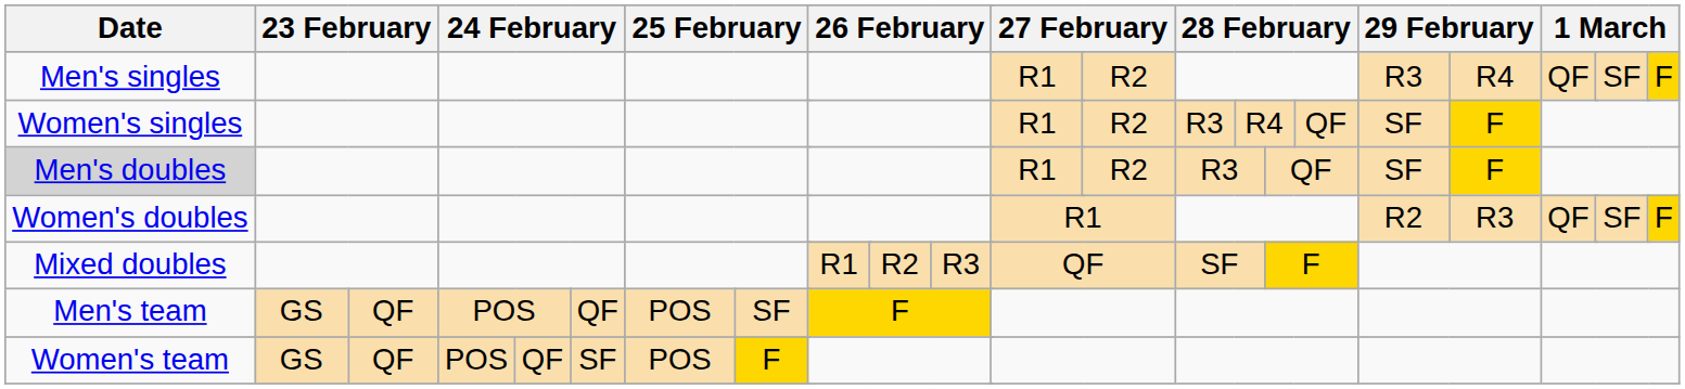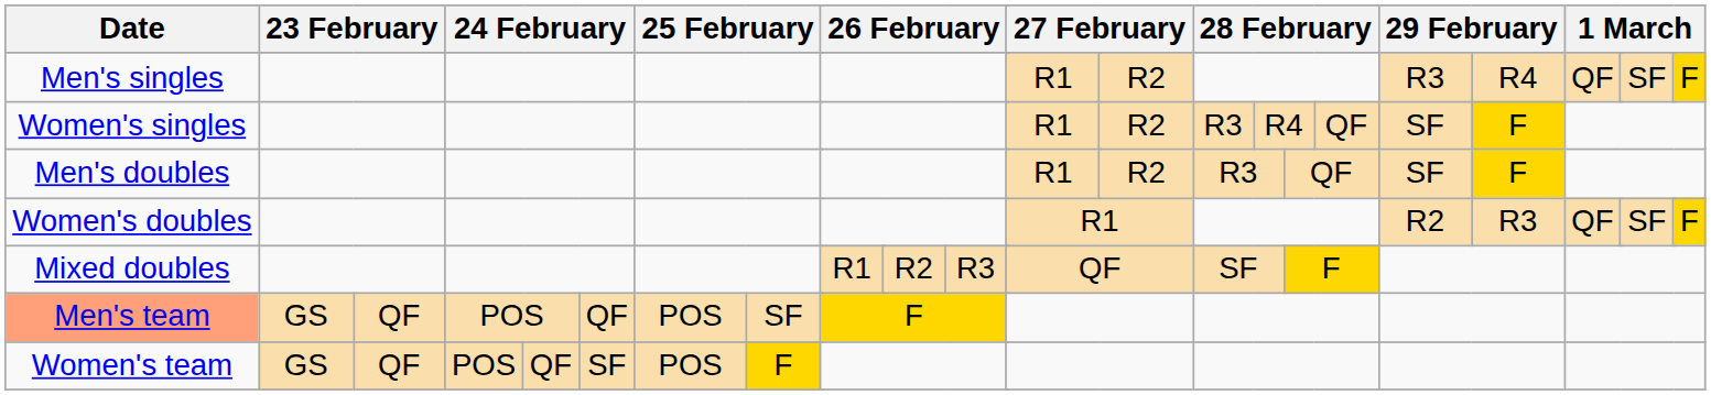 <table class="wikitable" style="text-align: center;">
 <tr valign="bottom">
 <th>Date</th>
 <th colspan="3">23 February</th>
 <th colspan="3">24 February</th>
 <th colspan="6">25 February</th>
 <th colspan="6">26 February</th>
 <th colspan="6">27 February</th>
 <th colspan="6">28 February</th>
 <th colspan="6">29 February</th>
 <th colspan="6">1 March</th>
 </tr>
 <tr>
 <td><a href='#'>Men's singles</a></td>
 <td colspan="3"></td>
 <td colspan="3"></td>
 <td colspan="6"></td>
 <td colspan="6"></td>
 <td colspan="3" style="background: #FADFAD">R1</td>
 <td colspan="3" style="background: #FADFAD">R2</td>
 <td colspan="6"></td>
 <td colspan="3" style="background: #FADFAD">R3</td>
 <td colspan="3" style="background: #FADFAD">R4</td>
 <td colspan="2" style="background: #FADFAD">QF</td>
 <td colspan="2" style="background: #FADFAD">SF</td>
 <td colspan="2" style="background: #FFD700">F</td>
 </tr>
 <tr>
 <td><a href='#'>Women's singles</a></td>
 <td colspan="3"></td>
 <td colspan="3"></td>
 <td colspan="6"></td>
 <td colspan="6"></td>
 <td colspan="3" style="background: #FADFAD">R1</td>
 <td colspan="3" style="background: #FADFAD">R2</td>
 <td colspan="2" style="background: #FADFAD">R3</td>
 <td colspan="2" style="background: #FADFAD">R4</td>
 <td colspan="2" style="background: #FADFAD">QF</td>
 <td colspan="3" style="background: #FADFAD">SF</td>
 <td colspan="3" style="background: #FFD700">F</td>
 <td colspan="6"></td>
 </tr>
 <tr>
-<td style="background: lightgrey;"><a href='#'>Men's doubles</a></td>
+<td><a href='#'>Men's doubles</a></td>
 <td colspan="3"></td>
 <td colspan="3"></td>
 <td colspan="6"></td>
 <td colspan="6"></td>
 <td colspan="3" style="background: #FADFAD">R1</td>
 <td colspan="3" style="background: #FADFAD">R2</td>
 <td colspan="3" style="background: #FADFAD">R3</td>
 <td colspan="3" style="background: #FADFAD">QF</td>
 <td colspan="3" style="background: #FADFAD">SF</td>
 <td colspan="3" style="background: #FFD700">F</td>
 <td colspan="6"></td>
 </tr>
 <tr>
 <td><a href='#'>Women's doubles</a></td>
 <td colspan="3"></td>
 <td colspan="3"></td>
 <td colspan="6"></td>
 <td colspan="6"></td>
 <td colspan="6" style="background: #FADFAD">R1</td>
 <td colspan="6"></td>
 <td colspan="3" style="background: #FADFAD">R2</td>
 <td colspan="3" style="background: #FADFAD">R3</td>
 <td colspan="2" style="background: #FADFAD">QF</td>
 <td colspan="2" style="background: #FADFAD">SF</td>
 <td colspan="2" style="background: #FFD700">F</td>
 </tr>
 <tr>
 <td><a href='#'>Mixed doubles</a></td>
 <td colspan="3"></td>
 <td colspan="3"></td>
 <td colspan="6"></td>
 <td colspan="2" style="background: #FADFAD">R1</td>
 <td colspan="2" style="background: #FADFAD">R2</td>
 <td colspan="2" style="background: #FADFAD">R3</td>
 <td colspan="6" style="background: #FADFAD">QF</td>
 <td colspan="3" style="background: #FADFAD">SF</td>
 <td colspan="3" style="background: #FFD700">F</td>
 <td colspan="6"></td>
 <td colspan="6"></td>
 </tr>
 <tr>
-<td><a href='#'>Men's team</a></td>
+<td style="background: lightsalmon;"><a href='#'>Men's team</a></td>
 <td colspan="2" style="background: #FADFAD">GS</td>
 <td style="background: #FADFAD">QF</td>
 <td colspan="2" style="background: #FADFAD">POS</td>
 <td style="background: #FADFAD">QF</td>
 <td colspan="3" style="background: #FADFAD">POS</td>
 <td colspan="3" style="background: #FADFAD">SF</td>
 <td colspan="6" style="background: #FFD700">F</td>
 <td colspan="6"></td>
 <td colspan="6"></td>
 <td colspan="6"></td>
 <td colspan="6"></td>
 </tr>
 <tr>
 <td><a href='#'>Women's team</a></td>
 <td colspan="2" style="background: #FADFAD">GS</td>
 <td style="background: #FADFAD">QF</td>
 <td style="background: #FADFAD">POS</td>
 <td style="background: #FADFAD">QF</td>
 <td style="background: #FADFAD">SF</td>
 <td colspan="2" style="background: #FADFAD">POS</td>
 <td colspan="4" style="background: #FFD700">F</td>
 <td colspan="6"></td>
 <td colspan="6"></td>
 <td colspan="6"></td>
 <td colspan="6"></td>
 <td colspan="6"></td>
 </tr>
 </table>
